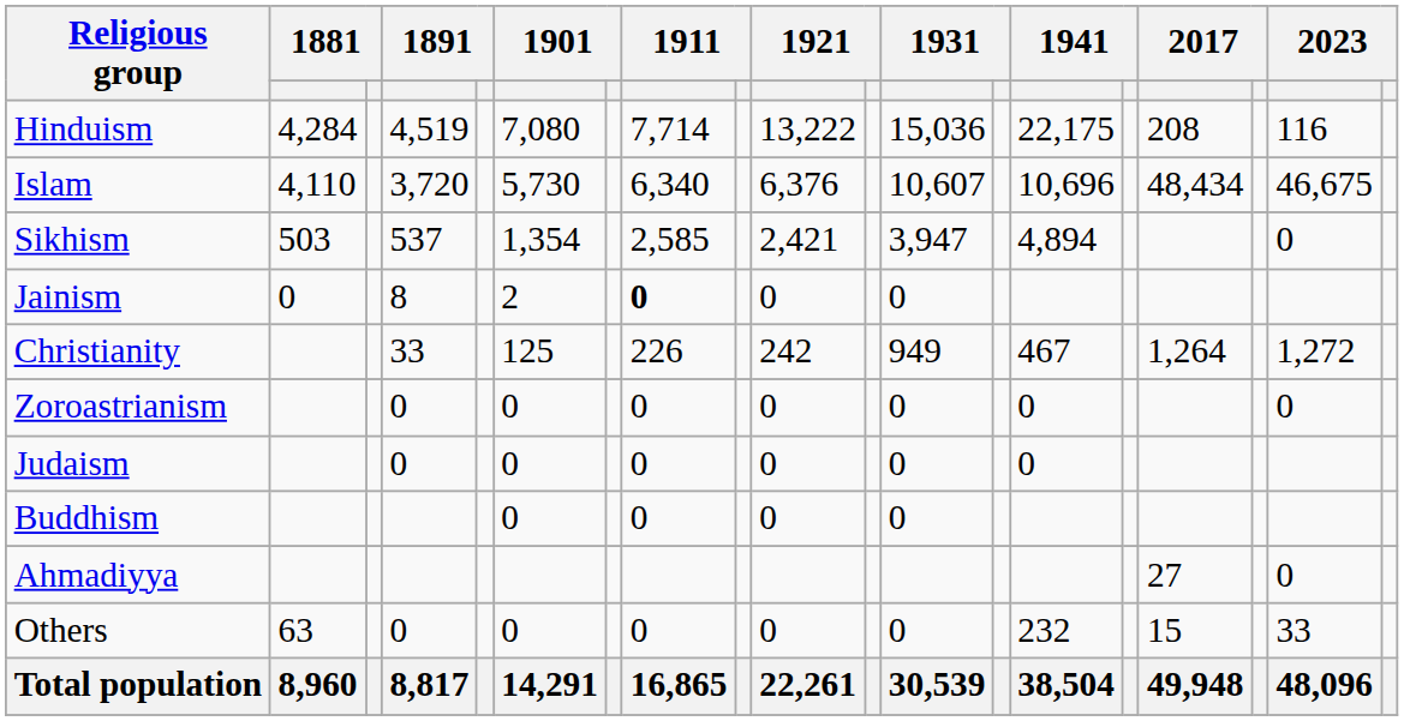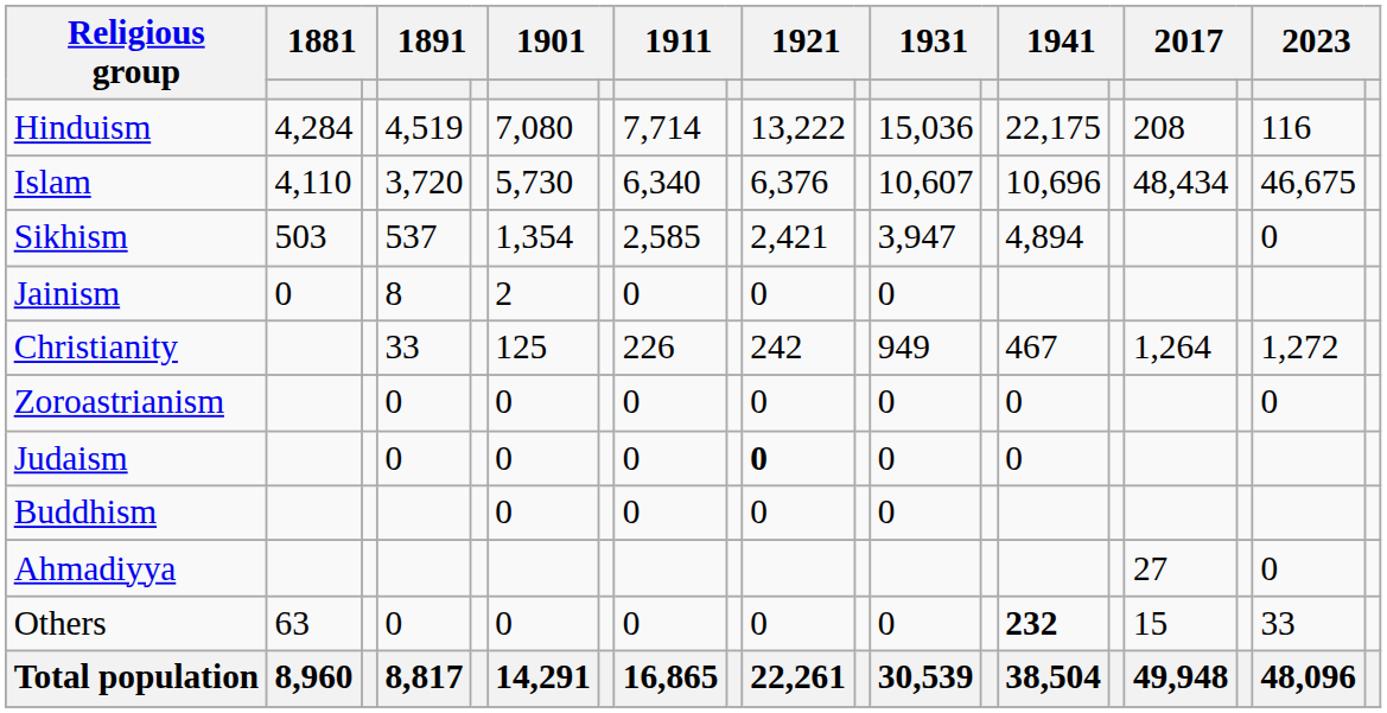 <table class="wikitable sortable">
 <tr>
 <th rowspan="2"><a href='#'>Religious</a><br>group</th>
 <th colspan="2">1881</th>
 <th colspan="2">1891</th>
 <th colspan="2">1901</th>
 <th colspan="2">1911</th>
 <th colspan="2">1921</th>
 <th colspan="2">1931</th>
 <th colspan="2">1941</th>
 <th colspan="2">2017</th>
 <th colspan="2">2023</th>
 </tr>
 <tr>
 <th><a href='#'></a></th>
 <th></th>
 <th></th>
 <th></th>
 <th></th>
 <th></th>
 <th></th>
 <th></th>
 <th></th>
 <th></th>
 <th></th>
 <th></th>
 <th></th>
 <th></th>
 <th></th>
 <th></th>
 <th></th>
 <th></th>
 </tr>
 <tr>
 <td><a href='#'>Hinduism</a> </td>
 <td>4,284</td>
 <td></td>
 <td>4,519</td>
 <td></td>
 <td>7,080</td>
 <td></td>
 <td>7,714</td>
 <td></td>
 <td>13,222</td>
 <td></td>
 <td>15,036</td>
 <td></td>
 <td>22,175</td>
 <td></td>
 <td>208</td>
 <td></td>
 <td>116</td>
 <td></td>
 </tr>
 <tr>
 <td><a href='#'>Islam</a> </td>
 <td>4,110</td>
 <td></td>
 <td>3,720</td>
 <td></td>
 <td>5,730</td>
 <td></td>
 <td>6,340</td>
 <td></td>
 <td>6,376</td>
 <td></td>
 <td>10,607</td>
 <td></td>
 <td>10,696</td>
 <td></td>
 <td>48,434</td>
 <td></td>
 <td>46,675</td>
 <td></td>
 </tr>
 <tr>
 <td><a href='#'>Sikhism</a> </td>
 <td>503</td>
 <td></td>
 <td>537</td>
 <td></td>
 <td>1,354</td>
 <td></td>
 <td>2,585</td>
 <td></td>
 <td>2,421</td>
 <td></td>
 <td>3,947</td>
 <td></td>
 <td>4,894</td>
 <td></td>
 <td></td>
 <td></td>
 <td>0</td>
 <td></td>
 </tr>
 <tr>
 <td><a href='#'>Jainism</a> </td>
 <td>0</td>
 <td></td>
 <td>8</td>
 <td></td>
 <td>2</td>
 <td></td>
-<td><strong>0</strong></td>
+<td>0</td>
 <td></td>
 <td>0</td>
 <td></td>
 <td>0</td>
 <td></td>
 <td></td>
 <td></td>
 <td></td>
 <td></td>
 <td></td>
 <td></td>
 </tr>
 <tr>
 <td><a href='#'>Christianity</a> </td>
 <td></td>
 <td></td>
 <td>33</td>
 <td></td>
 <td>125</td>
 <td></td>
 <td>226</td>
 <td></td>
 <td>242</td>
 <td></td>
 <td>949</td>
 <td></td>
 <td>467</td>
 <td></td>
 <td>1,264</td>
 <td></td>
 <td>1,272</td>
 <td></td>
 </tr>
 <tr>
 <td><a href='#'>Zoroastrianism</a> </td>
 <td></td>
 <td></td>
 <td>0</td>
 <td></td>
 <td>0</td>
 <td></td>
 <td>0</td>
 <td></td>
 <td>0</td>
 <td></td>
 <td>0</td>
 <td></td>
 <td>0</td>
 <td></td>
 <td></td>
 <td></td>
 <td>0</td>
 <td></td>
 </tr>
 <tr>
 <td><a href='#'>Judaism</a> </td>
 <td></td>
 <td></td>
 <td>0</td>
 <td></td>
 <td>0</td>
 <td></td>
 <td>0</td>
 <td></td>
-<td>0</td>
+<td><strong>0</strong></td>
 <td></td>
 <td>0</td>
 <td></td>
 <td>0</td>
 <td></td>
 <td></td>
 <td></td>
 <td></td>
 <td></td>
 </tr>
 <tr>
 <td><a href='#'>Buddhism</a> </td>
 <td></td>
 <td></td>
 <td></td>
 <td></td>
 <td>0</td>
 <td></td>
 <td>0</td>
 <td></td>
 <td>0</td>
 <td></td>
 <td>0</td>
 <td></td>
 <td></td>
 <td></td>
 <td></td>
 <td></td>
 <td></td>
 <td></td>
 </tr>
 <tr>
 <td><a href='#'>Ahmadiyya</a> </td>
 <td></td>
 <td></td>
 <td></td>
 <td></td>
 <td></td>
 <td></td>
 <td></td>
 <td></td>
 <td></td>
 <td></td>
 <td></td>
 <td></td>
 <td></td>
 <td></td>
 <td>27</td>
 <td></td>
 <td>0</td>
 <td></td>
 </tr>
 <tr>
 <td>Others</td>
 <td>63</td>
 <td></td>
 <td>0</td>
 <td></td>
 <td>0</td>
 <td></td>
 <td>0</td>
 <td></td>
 <td>0</td>
 <td></td>
 <td>0</td>
 <td></td>
-<td>232</td>
+<td><strong>232</strong></td>
 <td></td>
 <td>15</td>
 <td></td>
 <td>33</td>
 <td></td>
 </tr>
 <tr>
 <th>Total population</th>
 <th>8,960</th>
 <th></th>
 <th>8,817</th>
 <th></th>
 <th>14,291</th>
 <th></th>
 <th>16,865</th>
 <th></th>
 <th>22,261</th>
 <th></th>
 <th>30,539</th>
 <th></th>
 <th>38,504</th>
 <th></th>
 <th>49,948</th>
 <th></th>
 <th>48,096</th>
 <th></th>
 </tr>
 </table>
